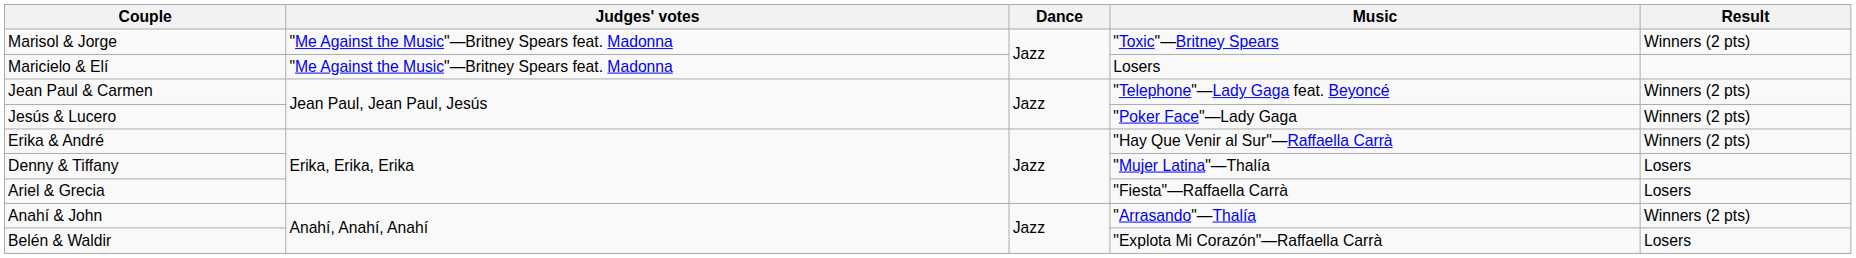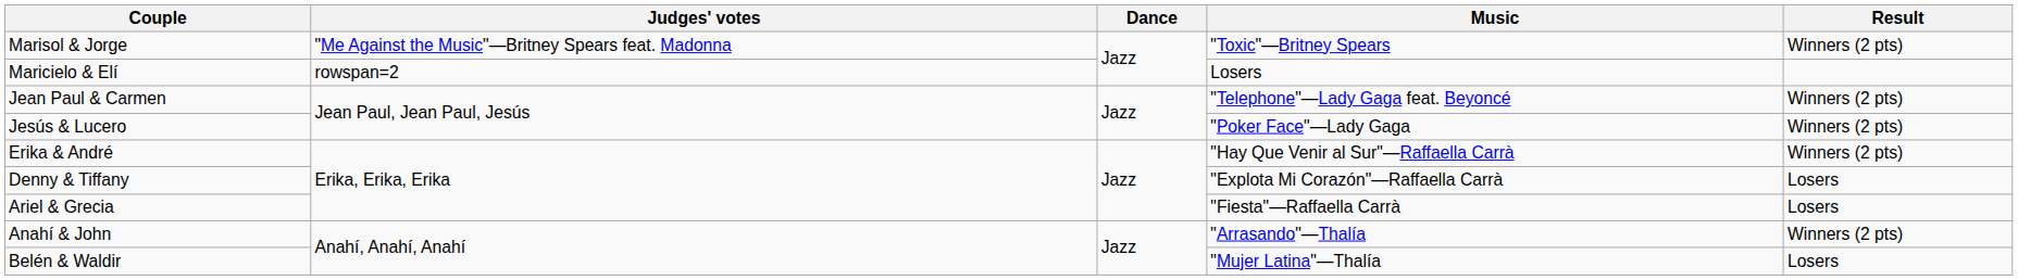 <table class="wikitable sortable" style="width: 95%;">
 <tr>
 <th>Couple</th>
 <th>Judges' votes</th>
 <th>Dance</th>
 <th>Music</th>
 <th>Result</th>
 </tr>
 <tr>
 <td>Marisol & Jorge</td>
 <td>"<a href='#'>Me Against the Music</a>"—Britney Spears feat. <a href='#'>Madonna</a></td>
 <td rowspan=2>Jazz</td>
 <td>"<a href='#'>Toxic</a>"—<a href='#'>Britney Spears</a></td>
 <td>Winners (2 pts)</td>
 </tr>
 <tr>
 <td>Maricielo & Elí</td>
-<td>"<a href='#'>Me Against the Music</a>"—Britney Spears feat. <a href='#'>Madonna</a></td>
+<td>rowspan=2 </td>
 <td>Losers</td>
 </tr>
 <tr>
 <td>Jean Paul & Carmen</td>
 <td rowspan=2>Jean Paul, Jean Paul, Jesús</td>
 <td rowspan=2>Jazz</td>
 <td>"<a href='#'>Telephone</a>"—<a href='#'>Lady Gaga</a> feat. <a href='#'>Beyoncé</a></td>
 <td>Winners (2 pts)</td>
 </tr>
 <tr>
 <td>Jesús & Lucero</td>
 <td>"<a href='#'>Poker Face</a>"—Lady Gaga</td>
 <td>Winners (2 pts)</td>
 </tr>
 <tr>
 <td>Erika & André</td>
 <td rowspan=3>Erika, Erika, Erika</td>
 <td rowspan=3>Jazz</td>
 <td>"Hay Que Venir al Sur"—<a href='#'>Raffaella Carrà</a></td>
 <td>Winners (2 pts)</td>
 </tr>
 <tr>
 <td>Denny & Tiffany</td>
-<td>"<a href='#'>Mujer Latina</a>"—Thalía</td>
+<td>"Explota Mi Corazón"—Raffaella Carrà</td>
 <td>Losers</td>
 </tr>
 <tr>
 <td>Ariel & Grecia</td>
 <td>"Fiesta"—Raffaella Carrà</td>
 <td>Losers</td>
 </tr>
 <tr>
 <td>Anahí & John</td>
 <td rowspan=2>Anahí, Anahí, Anahí</td>
 <td rowspan=2>Jazz</td>
 <td>"<a href='#'>Arrasando</a>"—<a href='#'>Thalía</a></td>
 <td>Winners (2 pts)</td>
 </tr>
 <tr>
 <td>Belén & Waldir</td>
-<td>"Explota Mi Corazón"—Raffaella Carrà</td>
+<td>"<a href='#'>Mujer Latina</a>"—Thalía</td>
 <td>Losers</td>
 </tr>
 </table>
